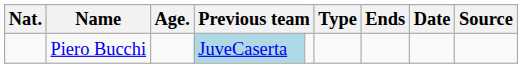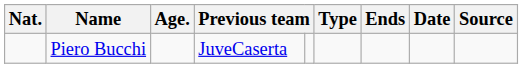 <table class="wikitable sortable">
 <tr>
 <th>Nat.</th>
 <th>Name</th>
 <th>Age.</th>
 <th colspan=2>Previous team</th>
 <th>Type</th>
 <th>Ends</th>
 <th>Date</th>
 <th>Source</th>
 </tr>
 <tr>
 <td></td>
 <td><a href='#'>Piero Bucchi</a></td>
 <td></td>
-<td style="background: lightblue;"><a href='#'>JuveCaserta</a></td>
+<td><a href='#'>JuveCaserta</a></td>
 <td></td>
 <td></td>
 <td></td>
 <td></td>
 <td></td>
 </tr>
 </table>
